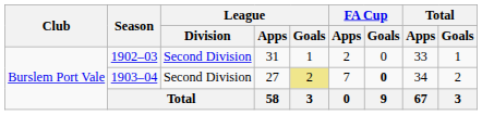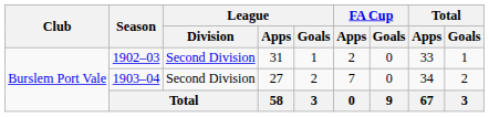 <table class="wikitable" style="text-align:center">
 <tr>
 <th rowspan="2">Club</th>
 <th rowspan="2">Season</th>
 <th colspan="3">League</th>
 <th colspan="2"><a href='#'>FA Cup</a></th>
 <th colspan="2">Total</th>
 </tr>
 <tr>
 <th>Division</th>
 <th>Apps</th>
 <th>Goals</th>
 <th>Apps</th>
 <th>Goals</th>
 <th>Apps</th>
 <th>Goals</th>
 </tr>
 <tr>
 <td rowspan="3"><a href='#'>Burslem Port Vale</a></td>
 <td><a href='#'>1902–03</a></td>
 <td><a href='#'>Second Division</a></td>
 <td>31</td>
 <td>1</td>
 <td>2</td>
 <td>0</td>
 <td>33</td>
 <td>1</td>
 </tr>
 <tr>
 <td><a href='#'>1903–04</a></td>
 <td>Second Division</td>
 <td>27</td>
-<td style="background: khaki;">2</td>
+<td>2</td>
 <td>7</td>
-<td><strong>0</strong></td>
+<td>0</td>
 <td>34</td>
 <td>2</td>
 </tr>
 <tr>
 <th colspan="2">Total</th>
 <th>58</th>
 <th>3</th>
 <th>0</th>
 <th>9</th>
 <th>67</th>
 <th>3</th>
 </tr>
 </table>
